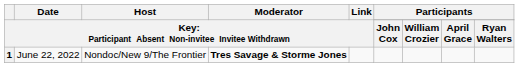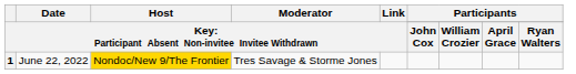 <table class="wikitable" style="text-align:center;">
 <tr>
 <th scope="col"></th>
 <th scope="col">Date</th>
 <th scope="col">Host</th>
 <th scope="col">Moderator</th>
 <th scope="col">Link</th>
 <th colspan="4" scope="col">Participants</th>
 </tr>
 <tr>
 <th colspan="5" rowspan="2">Key:<br> <small>Participant </small>  <small>Absent </small>  <small>Non-invitee </small>  <small>Invitee  Withdrawn</small></th>
 </tr>
 <tr>
 <th scope="col">John<br>Cox</th>
 <th scope="col">William<br>Crozier</th>
 <th scope="col">April<br>Grace</th>
 <th scope="col">Ryan<br>Walters</th>
 </tr>
 <tr>
 <th scope="row">1</th>
 <td style="white-space:nowrap;">June 22, 2022</td>
-<td style="white-space:nowrap;">Nondoc/New 9/The Frontier</td>
-<td style="white-space:nowrap;"><strong>Tres Savage & Storme Jones</strong></td>
+<td style="background: gold; white-space:nowrap;">Nondoc/New 9/The Frontier</td>
+<td style="white-space:nowrap;">Tres Savage & Storme Jones</td>
 <td style="white-space:nowrap;"></td>
 <td></td>
 <td></td>
 <td></td>
 <td></td>
 </tr>
 </table>
